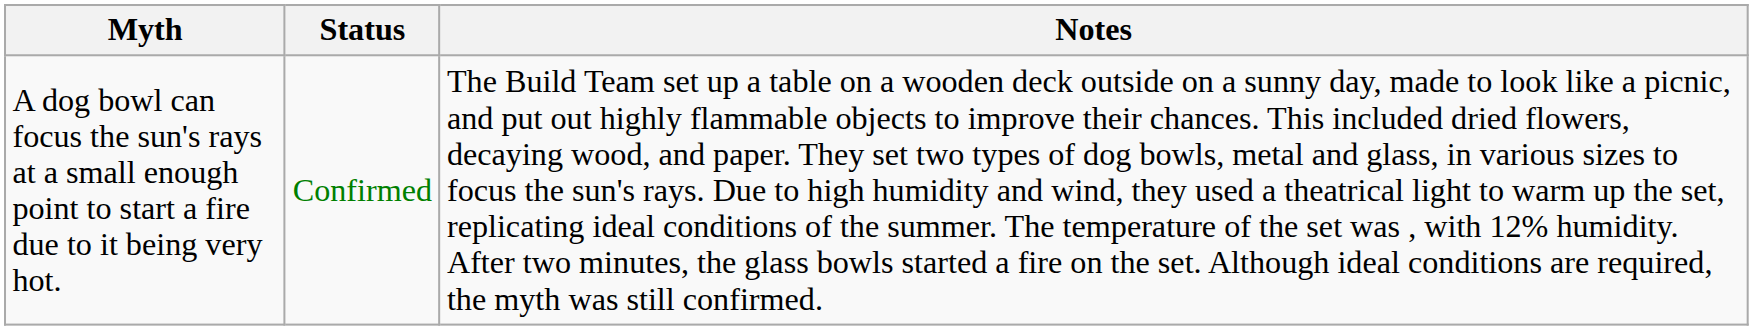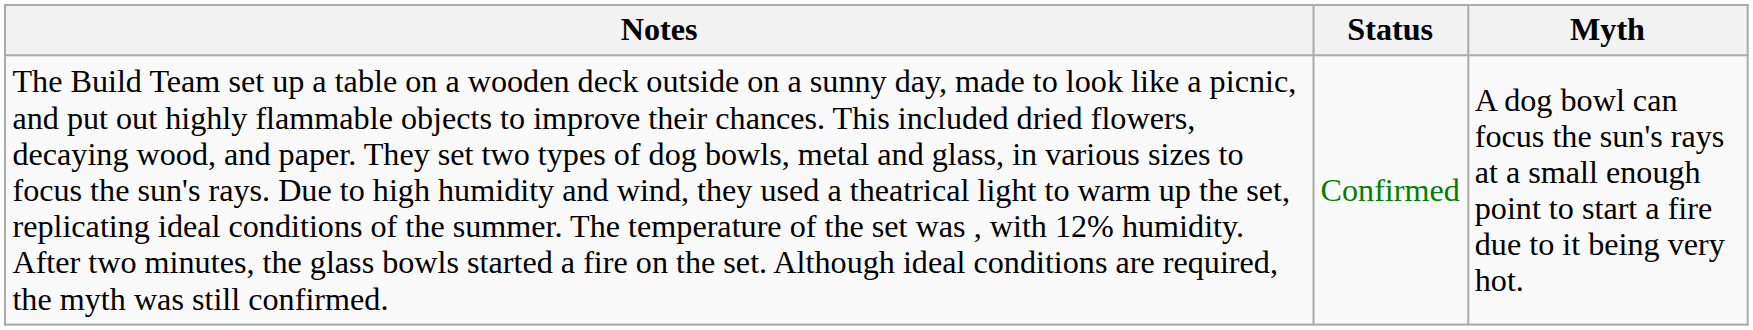 <table class="wikitable plainrowheaders">
 <tr>
+<th scope"col">Notes</th>
+<th scope"col">Status</th>
 <th scope"col">Myth</th>
-<th scope"col">Status</th>
-<th scope"col">Notes</th>
 </tr>
 <tr>
+<td>The Build Team set up a table on a wooden deck outside on a sunny day, made to look like a picnic, and put out highly flammable objects to improve their chances. This included dried flowers, decaying wood, and paper. They set two types of dog bowls, metal and glass, in various sizes to focus the sun's rays. Due to high humidity and wind, they used a theatrical light to warm up the set, replicating ideal conditions of the summer. The temperature of the set was , with 12% humidity. After two minutes, the glass bowls started a fire on the set. Although ideal conditions are required, the myth was still confirmed.</td>
+<td style="color:green">Confirmed</td>
 <td scope"row">A dog bowl can focus the sun's rays at a small enough point to start a fire due to it being very hot.</td>
-<td style="color:green">Confirmed</td>
-<td>The Build Team set up a table on a wooden deck outside on a sunny day, made to look like a picnic, and put out highly flammable objects to improve their chances. This included dried flowers, decaying wood, and paper. They set two types of dog bowls, metal and glass, in various sizes to focus the sun's rays. Due to high humidity and wind, they used a theatrical light to warm up the set, replicating ideal conditions of the summer. The temperature of the set was , with 12% humidity. After two minutes, the glass bowls started a fire on the set. Although ideal conditions are required, the myth was still confirmed.</td>
 </tr>
 </table>
